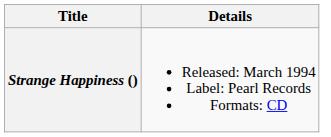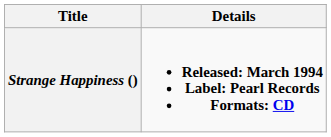 <table class="wikitable plainrowheaders" style="text-align:center">
 <tr>
 <th scope="col">Title</th>
 <th scope="col">Details</th>
 </tr>
 <tr>
 <th scope="row"><em>Strange Happiness</em> ()</th>
-<td><br><ul><li>Released: March 1994</li><li>Label: Pearl Records</li><li>Formats: <a href='#'>CD</a></li></ul></td>
+<td><strong><br><ul><li>Released: March 1994</li><li>Label: Pearl Records</li><li>Formats: <a href='#'>CD</a></li></ul></strong></td>
 </tr>
 </table>
